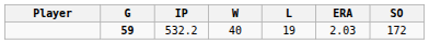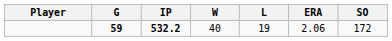 <table class="wikitable sortable">
 <tr>
 <th bgcolor="#DDDDFF" width="16%">Player</th>
 <th bgcolor="#DDDDFF" width="9%">G</th>
 <th bgcolor="#DDDDFF" width="9%">IP</th>
 <th bgcolor="#DDDDFF" width="9%">W</th>
 <th bgcolor="#DDDDFF" width="9%">L</th>
 <th bgcolor="#DDDDFF" width="9%">ERA</th>
 <th bgcolor="#DDDDFF" width="9%">SO</th>
 </tr>
 <tr align="center">
 <td></td>
 <td><strong>59</strong></td>
-<td>532.2</td>
+<td><strong>532.2</strong></td>
 <td>40</td>
 <td>19</td>
-<td>2.03</td>
+<td>2.06</td>
 <td>172</td>
 </tr>
 </table>
